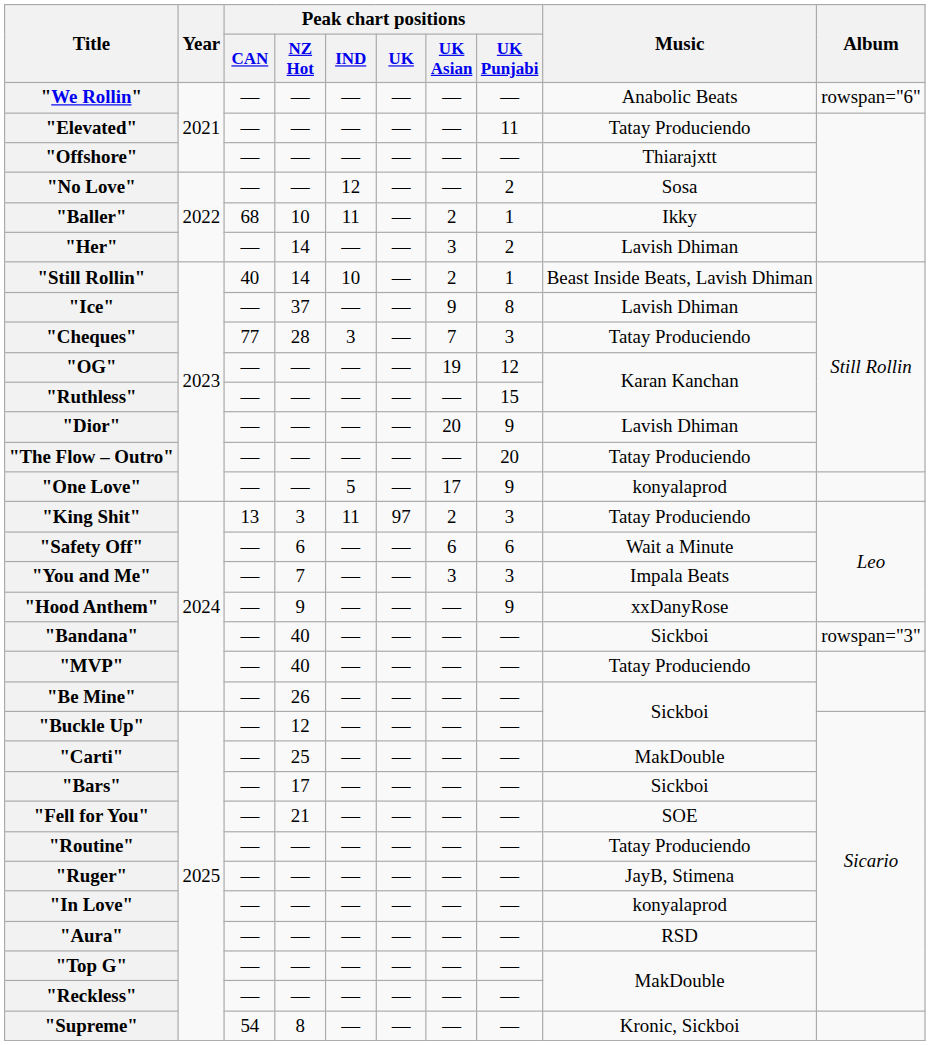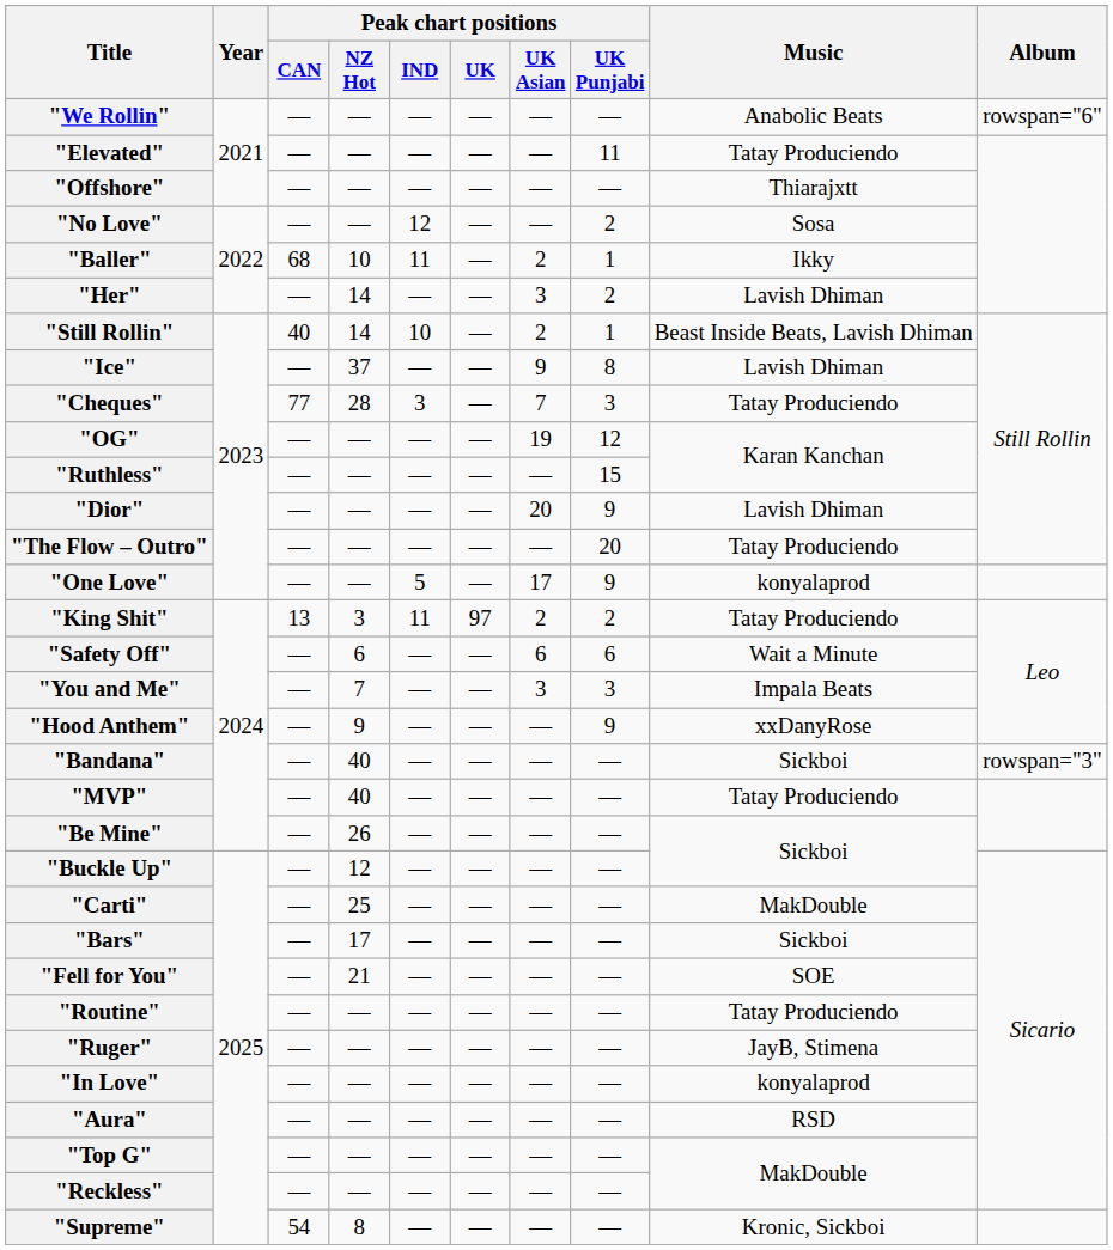 <table class="wikitable plainrowheaders" style="text-align:center;">
 <tr>
 <th scope="col" rowspan="2">Title</th>
 <th scope="col" rowspan="2">Year</th>
 <th scope="col" colspan="6">Peak chart positions</th>
 <th scope="col" rowspan="2">Music</th>
 <th scope="col" rowspan="2">Album</th>
 </tr>
 <tr>
 <th scope="col" style="width:2.5em;font-size:90%;"><a href='#'>CAN</a><br></th>
 <th scope="col" style="width:2.5em;font-size:90%;"><a href='#'>NZ<br>Hot</a><br></th>
 <th scope="col" style="width:2.5em;font-size:90%;"><a href='#'>IND</a><br></th>
 <th scope="col" style="width:2.5em;font-size:90%;"><a href='#'>UK</a><br></th>
 <th scope="col" style="width:2.5em;font-size:90%;"><a href='#'>UK Asian</a> <br> </th>
 <th scope="col" style="width:2.5em;font-size:90%;"><a href='#'>UK Punjabi</a></th>
 </tr>
 <tr>
 <th scope="row">"<a href='#'>We Rollin</a>"</th>
 <td rowspan="3">2021</td>
 <td>—</td>
 <td>—</td>
 <td>—</td>
 <td>—</td>
 <td>—</td>
 <td>—</td>
 <td>Anabolic Beats</td>
 <td>rowspan="6" </td>
 </tr>
 <tr>
 <th scope="row">"Elevated"</th>
 <td>—</td>
 <td>—</td>
 <td>—</td>
 <td>—</td>
 <td>—</td>
 <td>11</td>
 <td>Tatay Produciendo</td>
 </tr>
 <tr>
 <th scope="row">"Offshore"</th>
 <td>—</td>
 <td>—</td>
 <td>—</td>
 <td>—</td>
 <td>—</td>
 <td>—</td>
 <td>Thiarajxtt</td>
 </tr>
 <tr>
 <th scope="row">"No Love"</th>
 <td rowspan="3">2022</td>
 <td>—</td>
 <td>—</td>
 <td>12</td>
 <td>—</td>
 <td>—</td>
 <td>2</td>
 <td>Sosa</td>
 </tr>
 <tr>
 <th scope="row">"Baller" </th>
 <td>68</td>
 <td>10</td>
 <td>11</td>
 <td>—</td>
 <td>2</td>
 <td>1</td>
 <td>Ikky</td>
 </tr>
 <tr>
 <th scope="row">"Her"</th>
 <td>—</td>
 <td>14</td>
 <td>—</td>
 <td>—</td>
 <td>3</td>
 <td>2</td>
 <td>Lavish Dhiman</td>
 </tr>
 <tr>
 <th scope="row">"Still Rollin"</th>
 <td rowspan="8">2023</td>
 <td>40</td>
 <td>14</td>
 <td>10</td>
 <td>—</td>
 <td>2</td>
 <td>1</td>
 <td>Beast Inside Beats, Lavish Dhiman</td>
 <td rowspan="7"><em>Still Rollin</em></td>
 </tr>
 <tr>
 <th scope="row">"Ice"</th>
 <td>—</td>
 <td>37</td>
 <td>—</td>
 <td>—</td>
 <td>9</td>
 <td>8</td>
 <td>Lavish Dhiman</td>
 </tr>
 <tr>
 <th scope="row">"Cheques"</th>
 <td>77</td>
 <td>28</td>
 <td>3</td>
 <td>—</td>
 <td>7</td>
 <td>3</td>
 <td>Tatay Produciendo</td>
 </tr>
 <tr>
 <th scope="row">"OG"</th>
 <td>—</td>
 <td>—</td>
 <td>—</td>
 <td>—</td>
 <td>19</td>
 <td>12</td>
 <td rowspan="2">Karan Kanchan</td>
 </tr>
 <tr>
 <th scope="row">"Ruthless"</th>
 <td>—</td>
 <td>—</td>
 <td>—</td>
 <td>—</td>
 <td>—</td>
 <td>15</td>
 </tr>
 <tr>
 <th scope="row">"Dior"</th>
 <td>—</td>
 <td>—</td>
 <td>—</td>
 <td>—</td>
 <td>20</td>
 <td>9</td>
 <td>Lavish Dhiman</td>
 </tr>
 <tr>
 <th scope="row">"The Flow – Outro"</th>
 <td>—</td>
 <td>—</td>
 <td>—</td>
 <td>—</td>
 <td>—</td>
 <td>20</td>
 <td>Tatay Produciendo</td>
 </tr>
 <tr>
 <th scope="row">"One Love"</th>
 <td>—</td>
 <td>—</td>
 <td>5</td>
 <td>—</td>
 <td>17</td>
 <td>9</td>
 <td>konyalaprod</td>
 <td></td>
 </tr>
 <tr>
 <th scope="row">"King Shit"</th>
 <td rowspan="7">2024</td>
 <td>13</td>
 <td>3</td>
 <td>11</td>
 <td>97</td>
 <td>2</td>
-<td>3</td>
+<td>2</td>
 <td>Tatay Produciendo</td>
 <td rowspan="4"><em>Leo</em></td>
 </tr>
 <tr>
 <th scope="row">"Safety Off"</th>
 <td>—</td>
 <td>6</td>
 <td>—</td>
 <td>—</td>
 <td>6</td>
 <td>6</td>
 <td>Wait a Minute</td>
 </tr>
 <tr>
 <th scope="row">"You and Me"</th>
 <td>—</td>
 <td>7</td>
 <td>—</td>
 <td>—</td>
 <td>3</td>
 <td>3</td>
 <td>Impala Beats</td>
 </tr>
 <tr>
 <th scope="row">"Hood Anthem"</th>
 <td>—</td>
 <td>9</td>
 <td>—</td>
 <td>—</td>
 <td>—</td>
 <td>9</td>
 <td>xxDanyRose</td>
 </tr>
 <tr>
 <th scope="row">"Bandana"</th>
 <td>—</td>
 <td>40</td>
 <td>—</td>
 <td>—</td>
 <td>—</td>
 <td>—</td>
 <td>Sickboi</td>
 <td>rowspan="3" </td>
 </tr>
 <tr>
 <th scope="row">"MVP"</th>
 <td>—</td>
 <td>40</td>
 <td>—</td>
 <td>—</td>
 <td>—</td>
 <td>—</td>
 <td>Tatay Produciendo</td>
 </tr>
 <tr>
 <th scope="row">"Be Mine"</th>
 <td>—</td>
 <td>26</td>
 <td>—</td>
 <td>—</td>
 <td>—</td>
 <td>—</td>
 <td rowspan="2">Sickboi</td>
 </tr>
 <tr>
 <th scope="row">"Buckle Up"</th>
 <td rowspan="11">2025</td>
 <td>—</td>
 <td>12</td>
 <td>—</td>
 <td>—</td>
 <td>—</td>
 <td>—</td>
 <td rowspan="10"><em>Sicario</em></td>
 </tr>
 <tr>
 <th scope="row">"Carti"</th>
 <td>—</td>
 <td>25</td>
 <td>—</td>
 <td>—</td>
 <td>—</td>
 <td>—</td>
 <td>MakDouble</td>
 </tr>
 <tr>
 <th scope="row">"Bars"</th>
 <td>—</td>
 <td>17</td>
 <td>—</td>
 <td>—</td>
 <td>—</td>
 <td>—</td>
 <td>Sickboi</td>
 </tr>
 <tr>
 <th scope="row">"Fell for You"</th>
 <td>—</td>
 <td>21</td>
 <td>—</td>
 <td>—</td>
 <td>—</td>
 <td>—</td>
 <td>SOE</td>
 </tr>
 <tr>
 <th scope="row">"Routine"</th>
 <td>—</td>
 <td>—</td>
 <td>—</td>
 <td>—</td>
 <td>—</td>
 <td>—</td>
 <td>Tatay Produciendo</td>
 </tr>
 <tr>
 <th scope="row">"Ruger"</th>
 <td>—</td>
 <td>—</td>
 <td>—</td>
 <td>—</td>
 <td>—</td>
 <td>—</td>
 <td>JayB, Stimena</td>
 </tr>
 <tr>
 <th scope="row">"In Love"</th>
 <td>—</td>
 <td>—</td>
 <td>—</td>
 <td>—</td>
 <td>—</td>
 <td>—</td>
 <td>konyalaprod</td>
 </tr>
 <tr>
 <th scope="row">"Aura"</th>
 <td>—</td>
 <td>—</td>
 <td>—</td>
 <td>—</td>
 <td>—</td>
 <td>—</td>
 <td>RSD</td>
 </tr>
 <tr>
 <th scope="row">"Top G"</th>
 <td>—</td>
 <td>—</td>
 <td>—</td>
 <td>—</td>
 <td>—</td>
 <td>—</td>
 <td rowspan="2">MakDouble</td>
 </tr>
 <tr>
 <th scope="row">"Reckless"</th>
 <td>—</td>
 <td>—</td>
 <td>—</td>
 <td>—</td>
 <td>—</td>
 <td>—</td>
 </tr>
 <tr>
 <th scope="row">"Supreme"</th>
 <td>54</td>
 <td>8</td>
 <td>—</td>
 <td>—</td>
 <td>—</td>
 <td>—</td>
 <td>Kronic, Sickboi</td>
 <td></td>
 </tr>
 </table>
